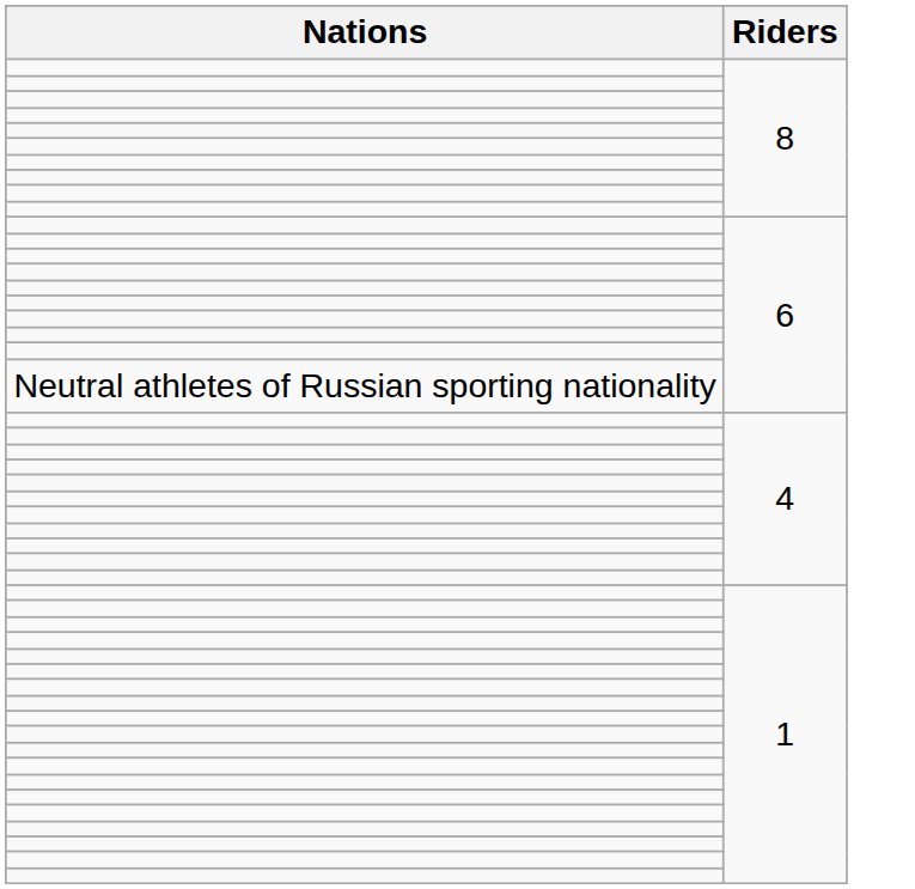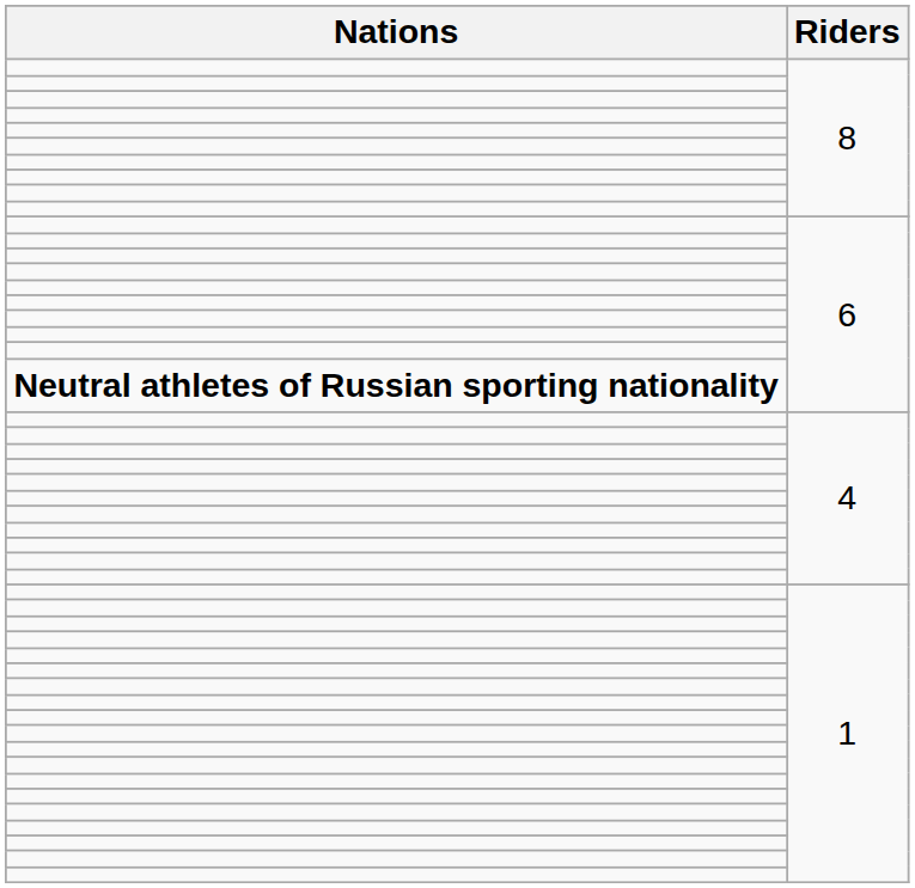 <table class="wikitable">
 <tr>
 <th>Nations</th>
 <th>Riders</th>
 </tr>
 <tr>
 <td></td>
 <td rowspan=10 align=center>8</td>
 </tr>
 <tr>
 <td></td>
 </tr>
 <tr>
 <td></td>
 </tr>
 <tr>
 <td></td>
 </tr>
 <tr>
 <td></td>
 </tr>
 <tr>
 <td></td>
 </tr>
 <tr>
 <td></td>
 </tr>
 <tr>
 <td></td>
 </tr>
 <tr>
 <td></td>
 </tr>
 <tr>
 <td></td>
 </tr>
 <tr>
 <td></td>
 <td rowspan="10" align="center">6</td>
 </tr>
 <tr>
 <td></td>
 </tr>
 <tr>
 <td></td>
 </tr>
 <tr>
 <td></td>
 </tr>
 <tr>
 <td></td>
 </tr>
 <tr>
 <td></td>
 </tr>
 <tr>
 <td></td>
 </tr>
 <tr>
 <td></td>
 </tr>
 <tr>
 <td></td>
 </tr>
 <tr>
-<td> Neutral athletes of Russian sporting nationality</td>
+<td><strong> Neutral athletes of Russian sporting nationality</strong></td>
 </tr>
 <tr>
 <td></td>
 <td rowspan="11" align=center>4</td>
 </tr>
 <tr>
 <td></td>
 </tr>
 <tr>
 <td></td>
 </tr>
 <tr>
 <td></td>
 </tr>
 <tr>
 <td></td>
 </tr>
 <tr>
 <td></td>
 </tr>
 <tr>
 <td></td>
 </tr>
 <tr>
 <td></td>
 </tr>
 <tr>
 <td></td>
 </tr>
 <tr>
 <td></td>
 </tr>
 <tr>
 <td></td>
 </tr>
 <tr>
 <td></td>
 <td rowspan="21" align=center>1</td>
 </tr>
 <tr>
 <td></td>
 </tr>
 <tr>
 <td></td>
 </tr>
 <tr>
 <td></td>
 </tr>
 <tr>
 <td></td>
 </tr>
 <tr>
 <td></td>
 </tr>
 <tr>
 <td></td>
 </tr>
 <tr>
 <td></td>
 </tr>
 <tr>
 <td></td>
 </tr>
 <tr>
 <td></td>
 </tr>
 <tr>
 <td></td>
 </tr>
 <tr>
 <td></td>
 </tr>
 <tr>
 <td></td>
 </tr>
 <tr>
 <td></td>
 </tr>
 <tr>
 <td></td>
 </tr>
 <tr>
 <td></td>
 </tr>
 <tr>
 <td></td>
 </tr>
 <tr>
 <td></td>
 </tr>
 <tr>
 <td></td>
 </tr>
 </table>
